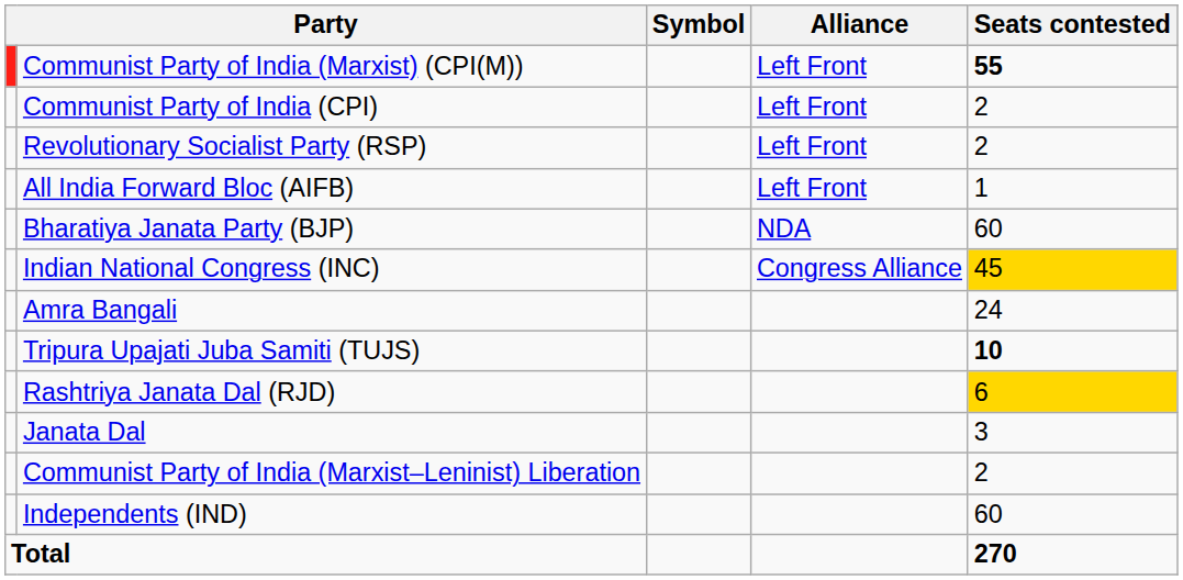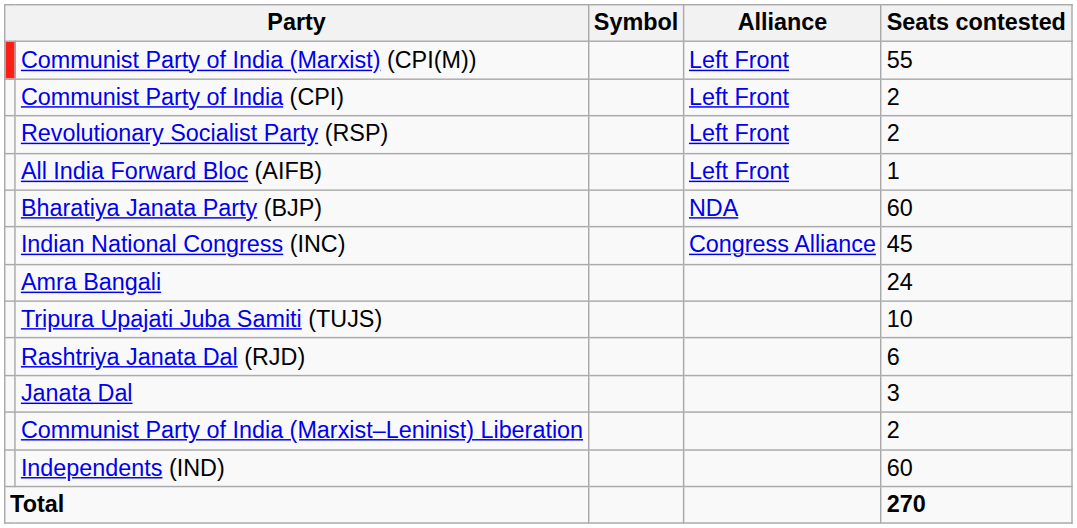 <table class="wikitable">
 <tr>
 <th colspan="2">Party</th>
 <th>Symbol</th>
 <th>Alliance</th>
 <th>Seats contested</th>
 </tr>
 <tr>
 <td bgcolor=#FF1D15></td>
 <td><a href='#'>Communist Party of India (Marxist)</a> (CPI(M))</td>
 <td></td>
 <td><a href='#'>Left Front</a></td>
-<td><strong>55</strong></td>
+<td>55</td>
 </tr>
 <tr>
 <td></td>
 <td><a href='#'>Communist Party of India</a> (CPI)</td>
 <td></td>
 <td><a href='#'>Left Front</a></td>
 <td>2</td>
 </tr>
 <tr>
 <td></td>
 <td><a href='#'>Revolutionary Socialist Party</a> (RSP)</td>
 <td></td>
 <td><a href='#'>Left Front</a></td>
 <td>2</td>
 </tr>
 <tr>
 <td></td>
 <td><a href='#'>All India Forward Bloc</a> (AIFB)</td>
 <td></td>
 <td><a href='#'>Left Front</a></td>
 <td>1</td>
 </tr>
 <tr>
 <td></td>
 <td><a href='#'>Bharatiya Janata Party</a> (BJP)</td>
 <td></td>
 <td><a href='#'>NDA</a></td>
 <td>60</td>
 </tr>
 <tr>
 <td></td>
 <td><a href='#'>Indian National Congress</a> (INC)</td>
 <td></td>
 <td><a href='#'>Congress Alliance</a></td>
-<td style="background: gold;">45</td>
+<td>45</td>
 </tr>
 <tr>
 <td></td>
 <td><a href='#'>Amra Bangali</a></td>
 <td></td>
 <td></td>
 <td>24</td>
 </tr>
 <tr>
 <td></td>
 <td><a href='#'>Tripura Upajati Juba Samiti</a> (TUJS)</td>
 <td></td>
 <td></td>
-<td><strong>10</strong></td>
+<td>10</td>
 </tr>
 <tr>
 <td></td>
 <td><a href='#'>Rashtriya Janata Dal</a> (RJD)</td>
 <td></td>
 <td></td>
-<td style="background: gold;">6</td>
+<td>6</td>
 </tr>
 <tr>
 <td></td>
 <td><a href='#'>Janata Dal</a></td>
 <td></td>
 <td></td>
 <td>3</td>
 </tr>
 <tr>
 <td></td>
 <td><a href='#'>Communist Party of India (Marxist–Leninist) Liberation</a></td>
 <td></td>
 <td></td>
 <td>2</td>
 </tr>
 <tr>
 <td></td>
 <td><a href='#'>Independents</a> (IND)</td>
 <td></td>
 <td></td>
 <td>60</td>
 </tr>
 <tr>
 <td colspan="2"><strong>Total</strong></td>
 <td></td>
 <td></td>
 <td><strong>270</strong></td>
 </tr>
 </table>
